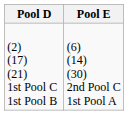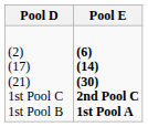 <table class="wikitable">
 <tr>
 <th width=50%>Pool D</th>
 <th width=50%>Pool E</th>
 </tr>
 <tr>
 <td><br> (2)<br>  (17)<br>  (21)<br> 1st Pool C<br> 1st Pool B</td>
-<td><br> (6)<br>  (14)<br>  (30)<br> 2nd Pool C<br> 1st Pool A</td>
+<td><strong><br> (6)<br>  (14)<br>  (30)<br> 2nd Pool C<br> 1st Pool A</strong></td>
 </tr>
 </table>
